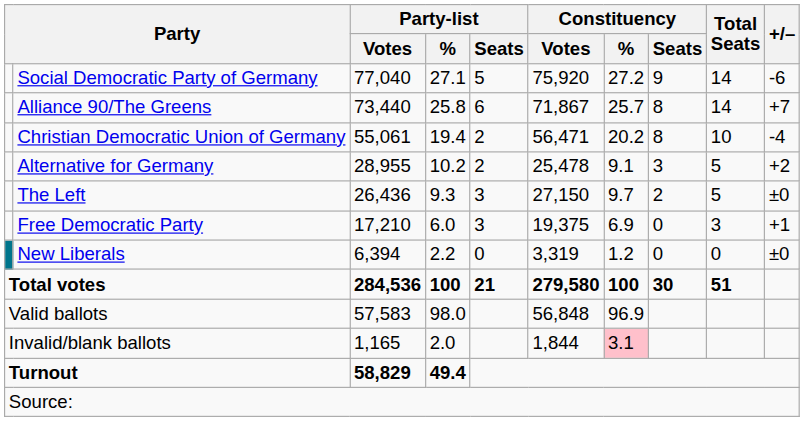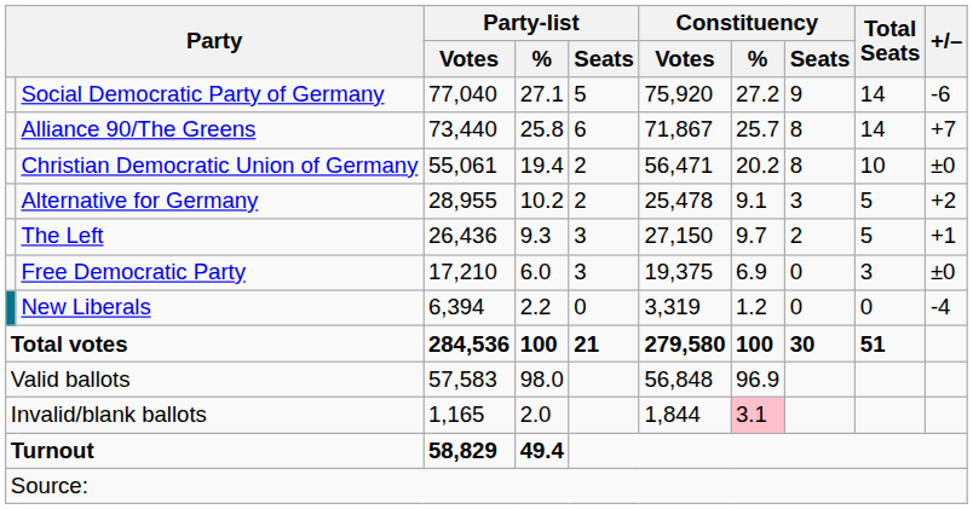 <table class="wikitable">
 <tr>
 <th colspan="2" rowspan="2">Party</th>
 <th colspan="3"><strong>Party-list</strong></th>
 <th colspan="3"><strong>Constituency</strong></th>
 <th rowspan="2">Total<br>Seats</th>
 <th rowspan="2">+/–</th>
 </tr>
 <tr>
 <th>Votes</th>
 <th>%</th>
 <th>Seats</th>
 <th>Votes</th>
 <th>%</th>
 <th>Seats</th>
 </tr>
 <tr>
 <td></td>
 <td><a href='#'>Social Democratic Party of Germany</a></td>
 <td>77,040</td>
 <td>27.1</td>
 <td>5</td>
 <td>75,920</td>
 <td>27.2</td>
 <td>9</td>
 <td>14</td>
 <td>-6</td>
 </tr>
 <tr>
 <td></td>
 <td><a href='#'>Alliance 90/The Greens</a></td>
 <td>73,440</td>
 <td>25.8</td>
 <td>6</td>
 <td>71,867</td>
 <td>25.7</td>
 <td>8</td>
 <td>14</td>
 <td>+7</td>
 </tr>
 <tr>
 <td></td>
 <td><a href='#'>Christian Democratic Union of Germany</a></td>
 <td>55,061</td>
 <td>19.4</td>
 <td>2</td>
 <td>56,471</td>
 <td>20.2</td>
 <td>8</td>
 <td>10</td>
-<td>-4</td>
+<td>±0</td>
 </tr>
 <tr>
 <td></td>
 <td><a href='#'>Alternative for Germany</a></td>
 <td>28,955</td>
 <td>10.2</td>
 <td>2</td>
 <td>25,478</td>
 <td>9.1</td>
 <td>3</td>
 <td>5</td>
 <td>+2</td>
 </tr>
 <tr>
 <td></td>
 <td><a href='#'>The Left</a></td>
 <td>26,436</td>
 <td>9.3</td>
 <td>3</td>
 <td>27,150</td>
 <td>9.7</td>
 <td>2</td>
 <td>5</td>
-<td>±0</td>
+<td>+1</td>
 </tr>
 <tr>
 <td></td>
 <td><a href='#'>Free Democratic Party</a></td>
 <td>17,210</td>
 <td>6.0</td>
 <td>3</td>
 <td>19,375</td>
 <td>6.9</td>
 <td>0</td>
 <td>3</td>
-<td>+1</td>
+<td>±0</td>
 </tr>
 <tr>
 <td bgcolor="#00758C"></td>
 <td><a href='#'>New Liberals</a></td>
 <td>6,394</td>
 <td>2.2</td>
 <td>0</td>
 <td>3,319</td>
 <td>1.2</td>
 <td>0</td>
 <td>0</td>
-<td>±0</td>
+<td>-4</td>
 </tr>
 <tr>
 <td colspan="2"><strong>Total votes</strong></td>
 <td><strong>284,536</strong></td>
 <td><strong>100</strong></td>
 <td><strong>21</strong></td>
 <td><strong>279,580</strong></td>
 <td><strong>100</strong></td>
 <td><strong>30</strong></td>
 <td><strong>51</strong></td>
 <td></td>
 </tr>
 <tr>
 <td colspan="2">Valid ballots</td>
 <td>57,583</td>
 <td>98.0</td>
 <td></td>
 <td>56,848</td>
 <td>96.9</td>
 <td></td>
 <td></td>
 <td></td>
 </tr>
 <tr>
 <td colspan="2">Invalid/blank ballots</td>
 <td>1,165</td>
 <td>2.0</td>
 <td></td>
 <td>1,844</td>
 <td style="background: pink;">3.1</td>
 <td></td>
 <td></td>
 <td></td>
 </tr>
 <tr>
 <td colspan="2"><strong>Turnout</strong></td>
 <td><strong>58,829</strong></td>
 <td><strong>49.4</strong></td>
 <td colspan="6"></td>
 </tr>
 <tr>
 <td colspan="10">Source: </td>
 </tr>
 </table>
